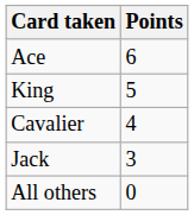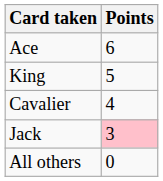 <table class="wikitable" style="margin-left: auto; margin-right: auto; border: none;">
 <tr>
 <th><strong>Card taken</strong></th>
 <th>Points</th>
 </tr>
 <tr>
 <td>Ace</td>
 <td>6</td>
 </tr>
 <tr>
 <td>King</td>
 <td>5</td>
 </tr>
 <tr>
 <td>Cavalier</td>
 <td>4</td>
 </tr>
 <tr>
 <td>Jack</td>
-<td>3</td>
+<td style="background: pink;">3</td>
 </tr>
 <tr>
 <td>All others</td>
 <td>0</td>
 </tr>
 </table>
